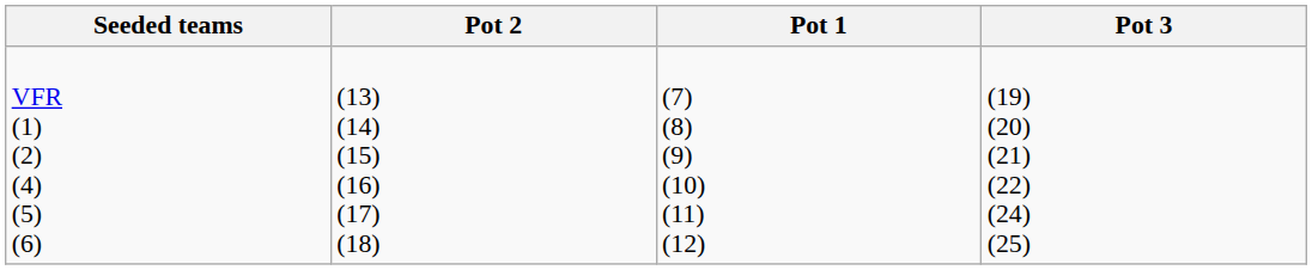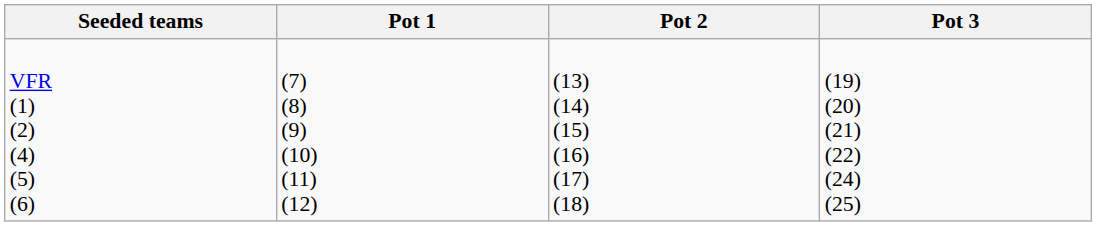 <table class="wikitable" width=800>
 <tr>
 <th width=25%>Seeded teams</th>
+<th width=25%>Pot 1</th>
 <th width=25%>Pot 2</th>
-<th width=25%>Pot 1</th>
 <th width=25%>Pot 3</th>
 </tr>
 <tr>
 <td><br> <a href='#'>VFR</a> <br>  (1)<br>  (2)<br>  (4)<br>  (5)<br>  (6)</td>
+<td><br> (7)<br>  (8)<br>  (9)<br>  (10)<br>  (11)<br>  (12)</td>
 <td><br> (13)<br>  (14)<br>  (15)<br>  (16)<br>  (17)<br>  (18)</td>
-<td><br> (7)<br>  (8)<br>  (9)<br>  (10)<br>  (11)<br>  (12)</td>
 <td><br> (19)<br>  (20)<br>  (21)<br>  (22)<br>  (24)<br>  (25)</td>
 </tr>
 </table>
